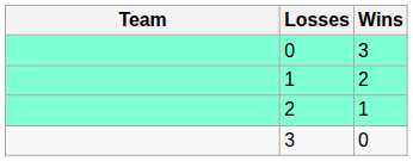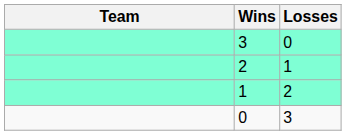 <table class="wikitable">
 <tr>
 <th width=225>Team</th>
+<th>Wins</th>
 <th>Losses</th>
-<th>Wins</th>
 </tr>
 <tr style="background:#7FFFD4">
+<td></td>
+<td>3</td>
+<td>0</td>
+</tr>
+<tr style="background:#7FFFD4 ">
+<td></td>
+<td>2</td>
+<td>1</td>
+</tr>
+<tr style="background:#7FFFD4">
+<td></td>
+<td>1</td>
+<td>2</td>
+</tr>
+<tr>
 <td></td>
 <td>0</td>
 <td>3</td>
 </tr>
-<tr style="background:#7FFFD4 ">
-<td></td>
-<td>1</td>
-<td>2</td>
-</tr>
-<tr style="background:#7FFFD4">
-<td></td>
-<td>2</td>
-<td>1</td>
-</tr>
-<tr>
-<td></td>
-<td>3</td>
-<td>0</td>
-</tr>
 </table>
